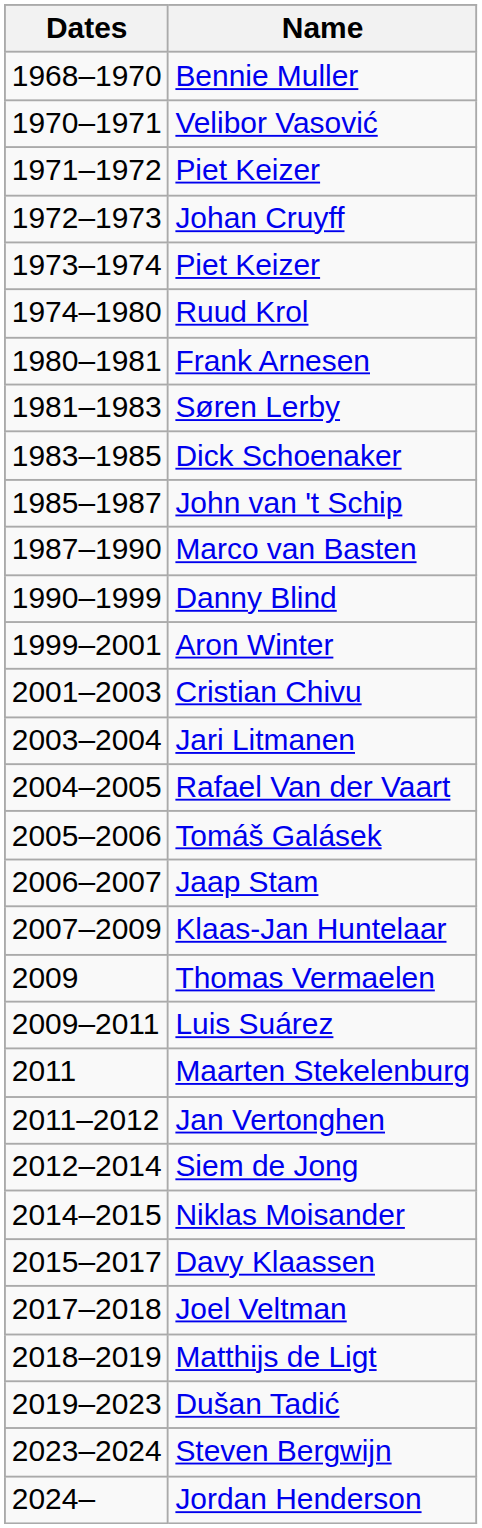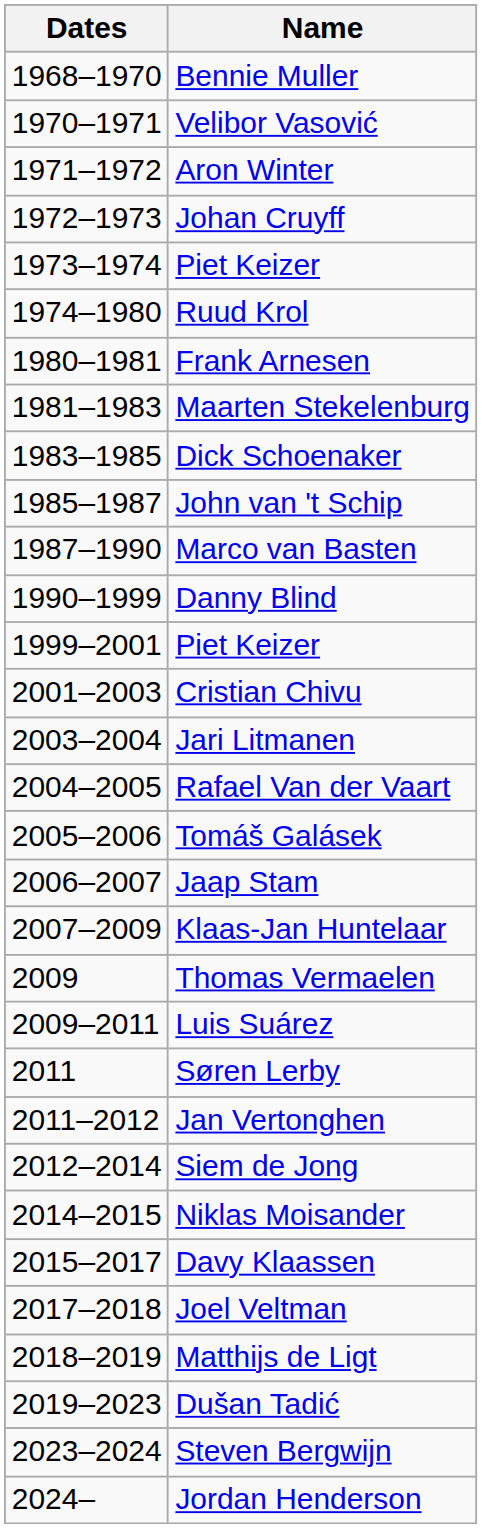 <table class="wikitable plainrowheaders unsortable">
 <tr>
 <th scope="col">Dates</th>
 <th scope="col">Name</th>
 </tr>
 <tr>
 <td>1968–1970</td>
 <td scope="row"> <a href='#'>Bennie Muller</a></td>
 </tr>
 <tr>
 <td>1970–1971</td>
 <td scope="row"> <a href='#'>Velibor Vasović</a></td>
 </tr>
 <tr>
 <td>1971–1972</td>
-<td scope="row"> <a href='#'>Piet Keizer</a></td>
+<td scope="row"> <a href='#'>Aron Winter</a></td>
 </tr>
 <tr>
 <td>1972–1973</td>
 <td scope="row"> <a href='#'>Johan Cruyff</a></td>
 </tr>
 <tr>
 <td>1973–1974</td>
 <td scope="row"> <a href='#'>Piet Keizer</a></td>
 </tr>
 <tr>
 <td>1974–1980</td>
 <td scope="row"> <a href='#'>Ruud Krol</a></td>
 </tr>
 <tr>
 <td>1980–1981</td>
 <td scope="row"> <a href='#'>Frank Arnesen</a></td>
 </tr>
 <tr>
 <td>1981–1983</td>
-<td scope="row"> <a href='#'>Søren Lerby</a></td>
+<td scope="row"> <a href='#'>Maarten Stekelenburg</a></td>
 </tr>
 <tr>
 <td>1983–1985</td>
 <td scope="row"> <a href='#'>Dick Schoenaker</a></td>
 </tr>
 <tr>
 <td>1985–1987</td>
 <td scope="row"> <a href='#'>John van 't Schip</a></td>
 </tr>
 <tr>
 <td>1987–1990</td>
 <td scope="row"> <a href='#'>Marco van Basten</a></td>
 </tr>
 <tr>
 <td>1990–1999</td>
 <td scope="row"> <a href='#'>Danny Blind</a></td>
 </tr>
 <tr>
 <td>1999–2001</td>
-<td scope="row"> <a href='#'>Aron Winter</a></td>
+<td scope="row"> <a href='#'>Piet Keizer</a></td>
 </tr>
 <tr>
 <td>2001–2003</td>
 <td scope="row"> <a href='#'>Cristian Chivu</a></td>
 </tr>
 <tr>
 <td>2003–2004</td>
 <td scope="row"> <a href='#'>Jari Litmanen</a></td>
 </tr>
 <tr>
 <td>2004–2005</td>
 <td scope="row"> <a href='#'>Rafael Van der Vaart</a></td>
 </tr>
 <tr>
 <td>2005–2006</td>
 <td scope="row"> <a href='#'>Tomáš Galásek</a></td>
 </tr>
 <tr>
 <td>2006–2007</td>
 <td scope="row"> <a href='#'>Jaap Stam</a></td>
 </tr>
 <tr>
 <td>2007–2009</td>
 <td scope="row"> <a href='#'>Klaas-Jan Huntelaar</a></td>
 </tr>
 <tr>
 <td>2009</td>
 <td scope="row"> <a href='#'>Thomas Vermaelen</a></td>
 </tr>
 <tr>
 <td>2009–2011</td>
 <td scope="row"> <a href='#'>Luis Suárez</a></td>
 </tr>
 <tr>
 <td>2011</td>
-<td scope="row"> <a href='#'>Maarten Stekelenburg</a></td>
+<td scope="row"> <a href='#'>Søren Lerby</a></td>
 </tr>
 <tr>
 <td>2011–2012</td>
 <td scope="row"> <a href='#'>Jan Vertonghen</a></td>
 </tr>
 <tr>
 <td>2012–2014</td>
 <td scope="row"> <a href='#'>Siem de Jong</a></td>
 </tr>
 <tr>
 <td>2014–2015</td>
 <td scope="row"> <a href='#'>Niklas Moisander</a></td>
 </tr>
 <tr>
 <td>2015–2017</td>
 <td scope="row"> <a href='#'>Davy Klaassen</a></td>
 </tr>
 <tr>
 <td>2017–2018</td>
 <td scope="row"> <a href='#'>Joel Veltman</a></td>
 </tr>
 <tr>
 <td>2018–2019</td>
 <td scope="row"> <a href='#'>Matthijs de Ligt</a></td>
 </tr>
 <tr>
 <td>2019–2023</td>
 <td scope="row"> <a href='#'>Dušan Tadić</a></td>
 </tr>
 <tr>
 <td>2023–2024</td>
 <td scope="row"> <a href='#'>Steven Bergwijn</a></td>
 </tr>
 <tr>
 <td>2024–</td>
 <td scope="row"> <a href='#'>Jordan Henderson</a></td>
 </tr>
 </table>
